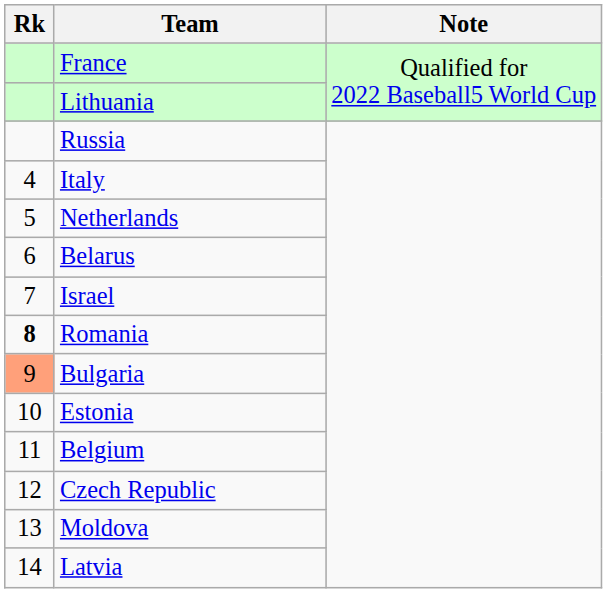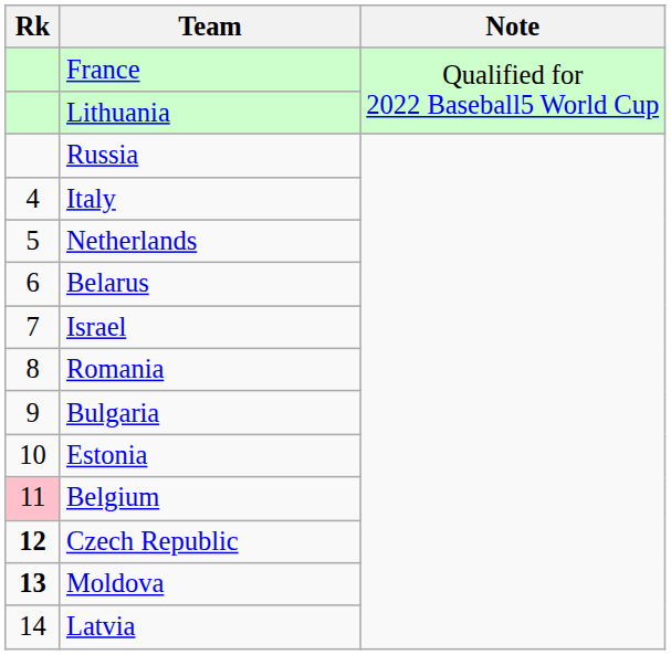 <table class="wikitable" style="text-align: center;">
 <tr>
 <th style="width: 25px;">Rk</th>
 <th style="width: 170px;">Team</th>
 <th>Note</th>
 </tr>
 <tr style="background: #CFC">
 <td></td>
 <td style="text-align: left;"> <a href='#'>France</a></td>
 <td rowspan="2">Qualified for <br><a href='#'>2022 Baseball5 World Cup</a></td>
 </tr>
 <tr style="background: #CFC">
 <td></td>
 <td style="text-align: left;"> <a href='#'>Lithuania</a></td>
 </tr>
 <tr>
 <td></td>
 <td style="text-align: left;"> <a href='#'>Russia</a></td>
 </tr>
 <tr>
 <td>4</td>
 <td style="text-align: left;"> <a href='#'>Italy</a></td>
 </tr>
 <tr>
 <td>5</td>
 <td style="text-align: left;"> <a href='#'>Netherlands</a></td>
 </tr>
 <tr>
 <td>6</td>
 <td style="text-align: left;"> <a href='#'>Belarus</a></td>
 </tr>
 <tr>
 <td>7</td>
 <td style="text-align: left;"> <a href='#'>Israel</a></td>
 </tr>
 <tr>
-<td><strong>8</strong></td>
+<td>8</td>
 <td style="text-align: left;"> <a href='#'>Romania</a></td>
 </tr>
 <tr>
-<td style="background: lightsalmon;">9</td>
+<td>9</td>
 <td style="text-align: left;"> <a href='#'>Bulgaria</a></td>
 </tr>
 <tr>
 <td>10</td>
 <td style="text-align: left;"> <a href='#'>Estonia</a></td>
 </tr>
 <tr>
-<td>11</td>
+<td style="background: pink;">11</td>
 <td style="text-align: left;"> <a href='#'>Belgium</a></td>
 </tr>
 <tr>
-<td>12</td>
+<td><strong>12</strong></td>
 <td style="text-align: left;"> <a href='#'>Czech Republic</a></td>
 </tr>
 <tr>
-<td>13</td>
+<td><strong>13</strong></td>
 <td style="text-align: left;"> <a href='#'>Moldova</a></td>
 </tr>
 <tr>
 <td>14</td>
 <td style="text-align: left;"> <a href='#'>Latvia</a></td>
 </tr>
 </table>
